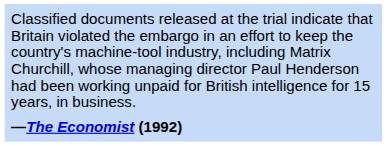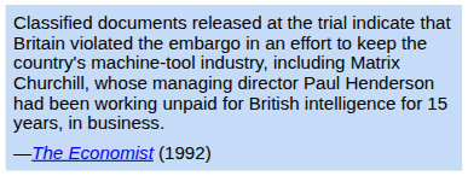 <table class="toccolours" style="float: right; margin-left: 1em; margin-right: 2em; font-size: 85%; background:#c6dbf7; color:black; width:25em;" cellspacing="5">
 <tr>
 <td style="text-align: left;">Classified documents released at the trial indicate that Britain violated the embargo in an effort to keep the country's machine-tool industry, including Matrix Churchill, whose managing director Paul Henderson had been working unpaid for British intelligence for 15 years, in business.</td>
 </tr>
 <tr>
-<td style="text-align: left;"><strong>—<em><a href='#'>The Economist</a></em> (1992)</strong></td>
+<td style="text-align: left;">—<em><a href='#'>The Economist</a></em> (1992)</td>
 </tr>
 </table>
